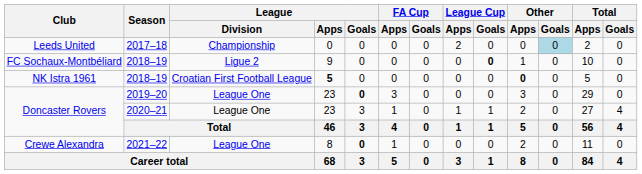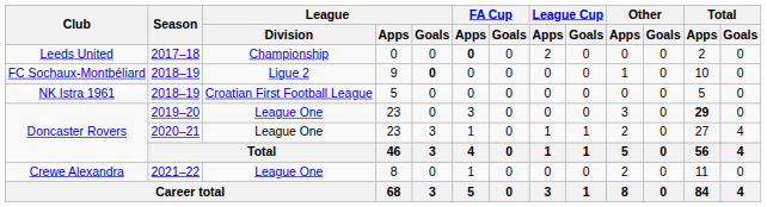 <table class="wikitable" style="text-align:center">
 <tr>
 <th rowspan="2">Club</th>
 <th rowspan="2">Season</th>
 <th colspan="3">League</th>
 <th colspan="2"><a href='#'>FA Cup</a></th>
 <th colspan="2"><a href='#'>League Cup</a></th>
 <th colspan="2">Other</th>
 <th colspan="2">Total</th>
 </tr>
 <tr>
 <th>Division</th>
 <th>Apps</th>
 <th>Goals</th>
 <th>Apps</th>
 <th>Goals</th>
 <th>Apps</th>
 <th>Goals</th>
 <th>Apps</th>
 <th>Goals</th>
 <th>Apps</th>
 <th>Goals</th>
 </tr>
 <tr>
 <td><a href='#'>Leeds United</a></td>
 <td><a href='#'>2017–18</a></td>
 <td><a href='#'>Championship</a></td>
 <td>0</td>
 <td>0</td>
-<td>0</td>
+<td><strong>0</strong></td>
 <td>0</td>
 <td>2</td>
 <td>0</td>
 <td>0</td>
-<td style="background: lightblue;">0</td>
+<td>0</td>
 <td>2</td>
 <td>0</td>
 </tr>
 <tr>
 <td><a href='#'>FC Sochaux-Montbéliard</a></td>
 <td><a href='#'>2018–19</a></td>
 <td><a href='#'>Ligue 2</a></td>
 <td>9</td>
+<td><strong>0</strong></td>
 <td>0</td>
 <td>0</td>
 <td>0</td>
 <td>0</td>
-<td><strong>0</strong></td>
 <td>1</td>
 <td>0</td>
 <td>10</td>
 <td>0</td>
 </tr>
 <tr>
 <td><a href='#'>NK Istra 1961</a></td>
 <td><a href='#'>2018–19</a></td>
 <td><a href='#'>Croatian First Football League</a></td>
-<td><strong>5</strong></td>
+<td>5</td>
 <td>0</td>
 <td>0</td>
 <td>0</td>
 <td>0</td>
 <td>0</td>
-<td><strong>0</strong></td>
+<td>0</td>
 <td>0</td>
 <td>5</td>
 <td>0</td>
 </tr>
 <tr>
 <td rowspan="3"><a href='#'>Doncaster Rovers</a></td>
 <td><a href='#'>2019–20</a></td>
 <td><a href='#'>League One</a></td>
 <td>23</td>
-<td><strong>0</strong></td>
+<td>0</td>
 <td>3</td>
 <td>0</td>
 <td>0</td>
 <td>0</td>
 <td>3</td>
 <td>0</td>
-<td>29</td>
+<td><strong>29</strong></td>
 <td>0</td>
 </tr>
 <tr>
 <td><a href='#'>2020–21</a></td>
 <td>League One</td>
 <td>23</td>
 <td>3</td>
 <td>1</td>
 <td>0</td>
 <td>1</td>
 <td>1</td>
 <td>2</td>
 <td>0</td>
 <td>27</td>
 <td>4</td>
 </tr>
 <tr>
 <th colspan="2">Total</th>
 <th>46</th>
 <th>3</th>
 <th>4</th>
 <th>0</th>
 <th>1</th>
 <th>1</th>
 <th>5</th>
 <th>0</th>
 <th>56</th>
 <th>4</th>
 </tr>
 <tr>
 <td><a href='#'>Crewe Alexandra</a></td>
 <td><a href='#'>2021–22</a></td>
 <td><a href='#'>League One</a></td>
 <td>8</td>
-<td><strong>0</strong></td>
+<td>0</td>
 <td>1</td>
 <td>0</td>
 <td>0</td>
 <td>0</td>
 <td>2</td>
 <td>0</td>
 <td>11</td>
 <td>0</td>
 </tr>
 <tr>
 <th colspan="3">Career total</th>
 <th>68</th>
 <th>3</th>
 <th>5</th>
 <th>0</th>
 <th>3</th>
 <th>1</th>
 <th>8</th>
 <th>0</th>
 <th>84</th>
 <th>4</th>
 </tr>
 </table>
